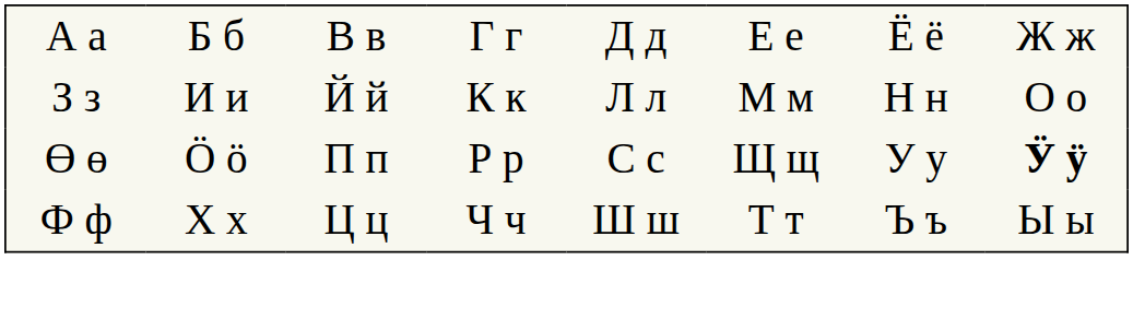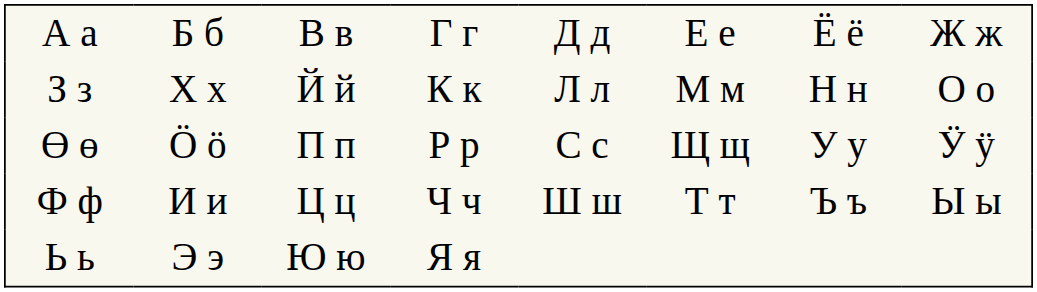 <table style="font-family:Arial Unicode MS; font-size:1.4em; border-color:#000000; border-width:1px; border-style:solid; border-collapse:collapse; background-color:#F8F8EF">
 <tr>
 <td style="width:3em; text-align:center; padding: 3px;">А а</td>
 <td style="width:3em; text-align:center; padding: 3px;">Б б</td>
 <td style="width:3em; text-align:center; padding: 3px;">В в</td>
 <td style="width:3em; text-align:center; padding: 3px;">Г г</td>
 <td style="width:3em; text-align:center; padding: 3px;">Д д</td>
 <td style="width:3em; text-align:center; padding: 3px;">Е е</td>
 <td style="width:3em; text-align:center; padding: 3px;">Ё ё</td>
 <td style="width:3em; text-align:center; padding: 3px;">Ж ж</td>
 </tr>
 <tr>
 <td style="width:3em; text-align:center; padding: 3px;">З з</td>
-<td style="width:3em; text-align:center; padding: 3px;">И и</td>
+<td style="width:3em; text-align:center; padding: 3px;">Х х</td>
 <td style="width:3em; text-align:center; padding: 3px;">Й й</td>
 <td style="width:3em; text-align:center; padding: 3px;">К к</td>
 <td style="width:3em; text-align:center; padding: 3px;">Л л</td>
 <td style="width:3em; text-align:center; padding: 3px;">М м</td>
 <td style="width:3em; text-align:center; padding: 3px;">Н н</td>
 <td style="width:3em; text-align:center; padding: 3px;">О о</td>
 </tr>
 <tr>
 <td style="width:3em; text-align:center; padding: 3px;">Ө ө</td>
 <td style="width:3em; text-align:center; padding: 3px;">Ӧ ӧ</td>
 <td style="width:3em; text-align:center; padding: 3px;">П п</td>
 <td style="width:3em; text-align:center; padding: 3px;">Р р</td>
 <td style="width:3em; text-align:center; padding: 3px;">С с</td>
 <td style="width:3em; text-align:center; padding: 3px;">Щ щ</td>
 <td style="width:3em; text-align:center; padding: 3px;">У у</td>
-<td style="width:3em; text-align:center; padding: 3px;"><strong>Ӱ ӱ</strong></td>
+<td style="width:3em; text-align:center; padding: 3px;">Ӱ ӱ</td>
 </tr>
 <tr>
 <td style="width:3em; text-align:center; padding: 3px;">Ф ф</td>
-<td style="width:3em; text-align:center; padding: 3px;">Х х</td>
+<td style="width:3em; text-align:center; padding: 3px;">И и</td>
 <td style="width:3em; text-align:center; padding: 3px;">Ц ц</td>
 <td style="width:3em; text-align:center; padding: 3px;">Ч ч</td>
 <td style="width:3em; text-align:center; padding: 3px;">Ш ш</td>
 <td style="width:3em; text-align:center; padding: 3px;">Т т</td>
 <td style="width:3em; text-align:center; padding: 3px;">Ъ ъ</td>
 <td style="width:3em; text-align:center; padding: 3px;">Ы ы</td>
 </tr>
+<tr>
+<td style="width:3em; text-align:center; padding: 3px;">Ь ь</td>
+<td style="width:3em; text-align:center; padding: 3px;">Э э</td>
+<td style="width:3em; text-align:center; padding: 3px;">Ю ю</td>
+<td style="width:3em; text-align:center; padding: 3px;">Я я</td>
+<td></td>
+<td></td>
+<td></td>
+<td></td>
+</tr>
 </table>
